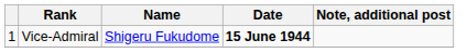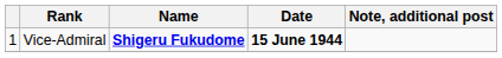 <table class=wikitable>
 <tr>
 <th></th>
 <th>Rank</th>
 <th>Name</th>
 <th>Date</th>
 <th>Note, additional post</th>
 </tr>
 <tr>
 <td>1</td>
 <td>Vice-Admiral</td>
-<td><a href='#'>Shigeru Fukudome</a></td>
+<td><strong><a href='#'>Shigeru Fukudome</a></strong></td>
 <td><strong>15 June 1944</strong></td>
 <td></td>
 </tr>
 <tr>
 </tr>
 </table>
